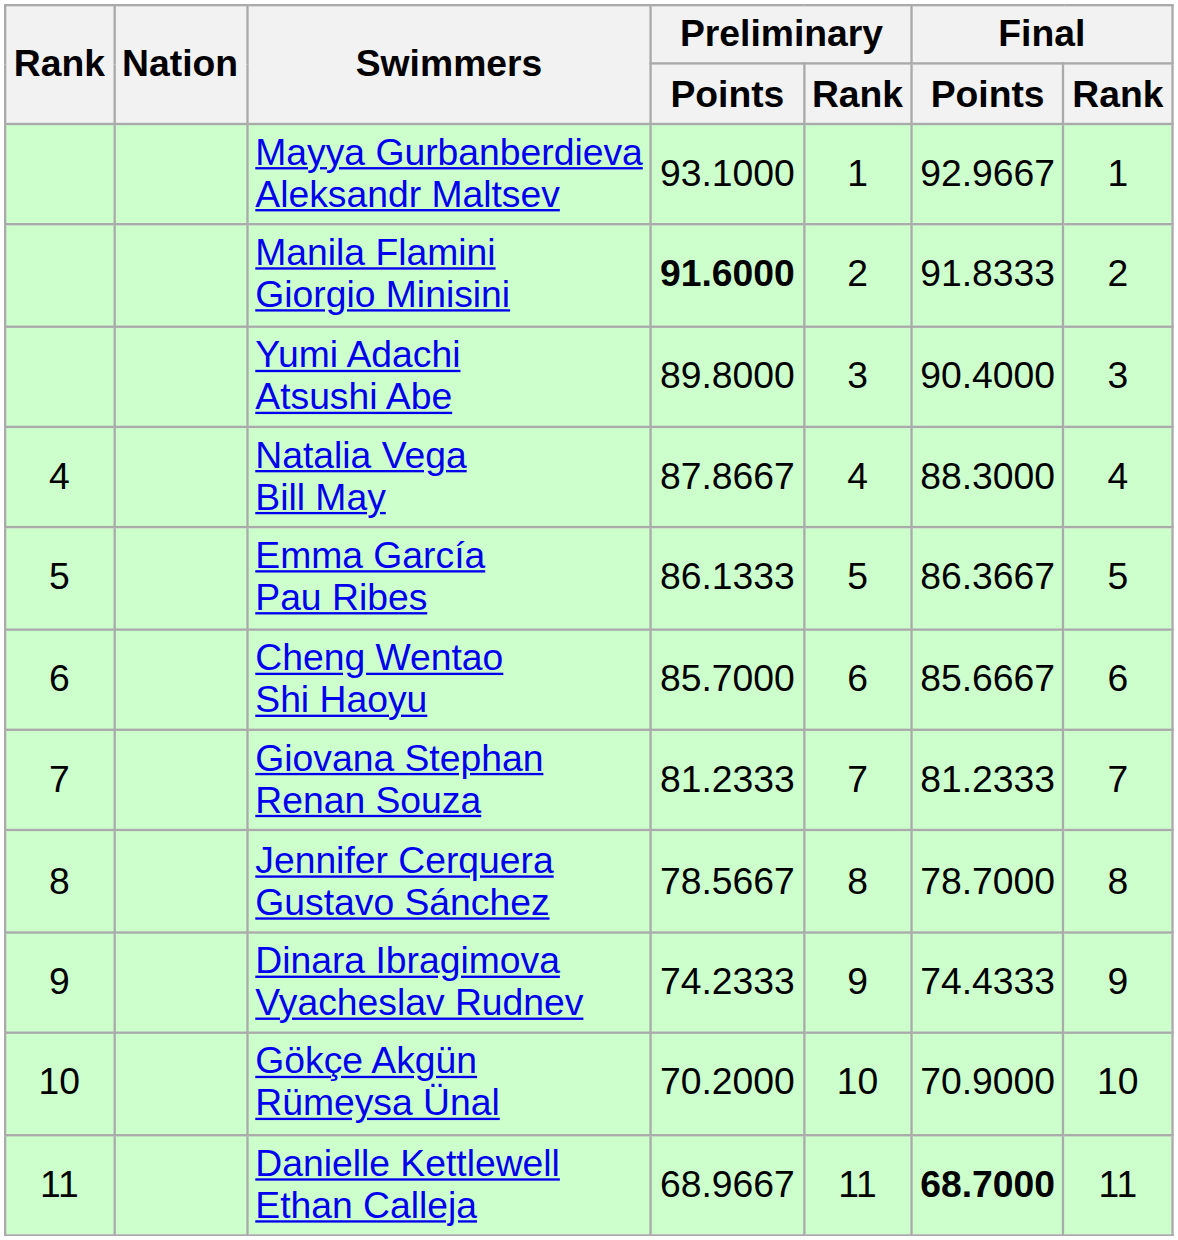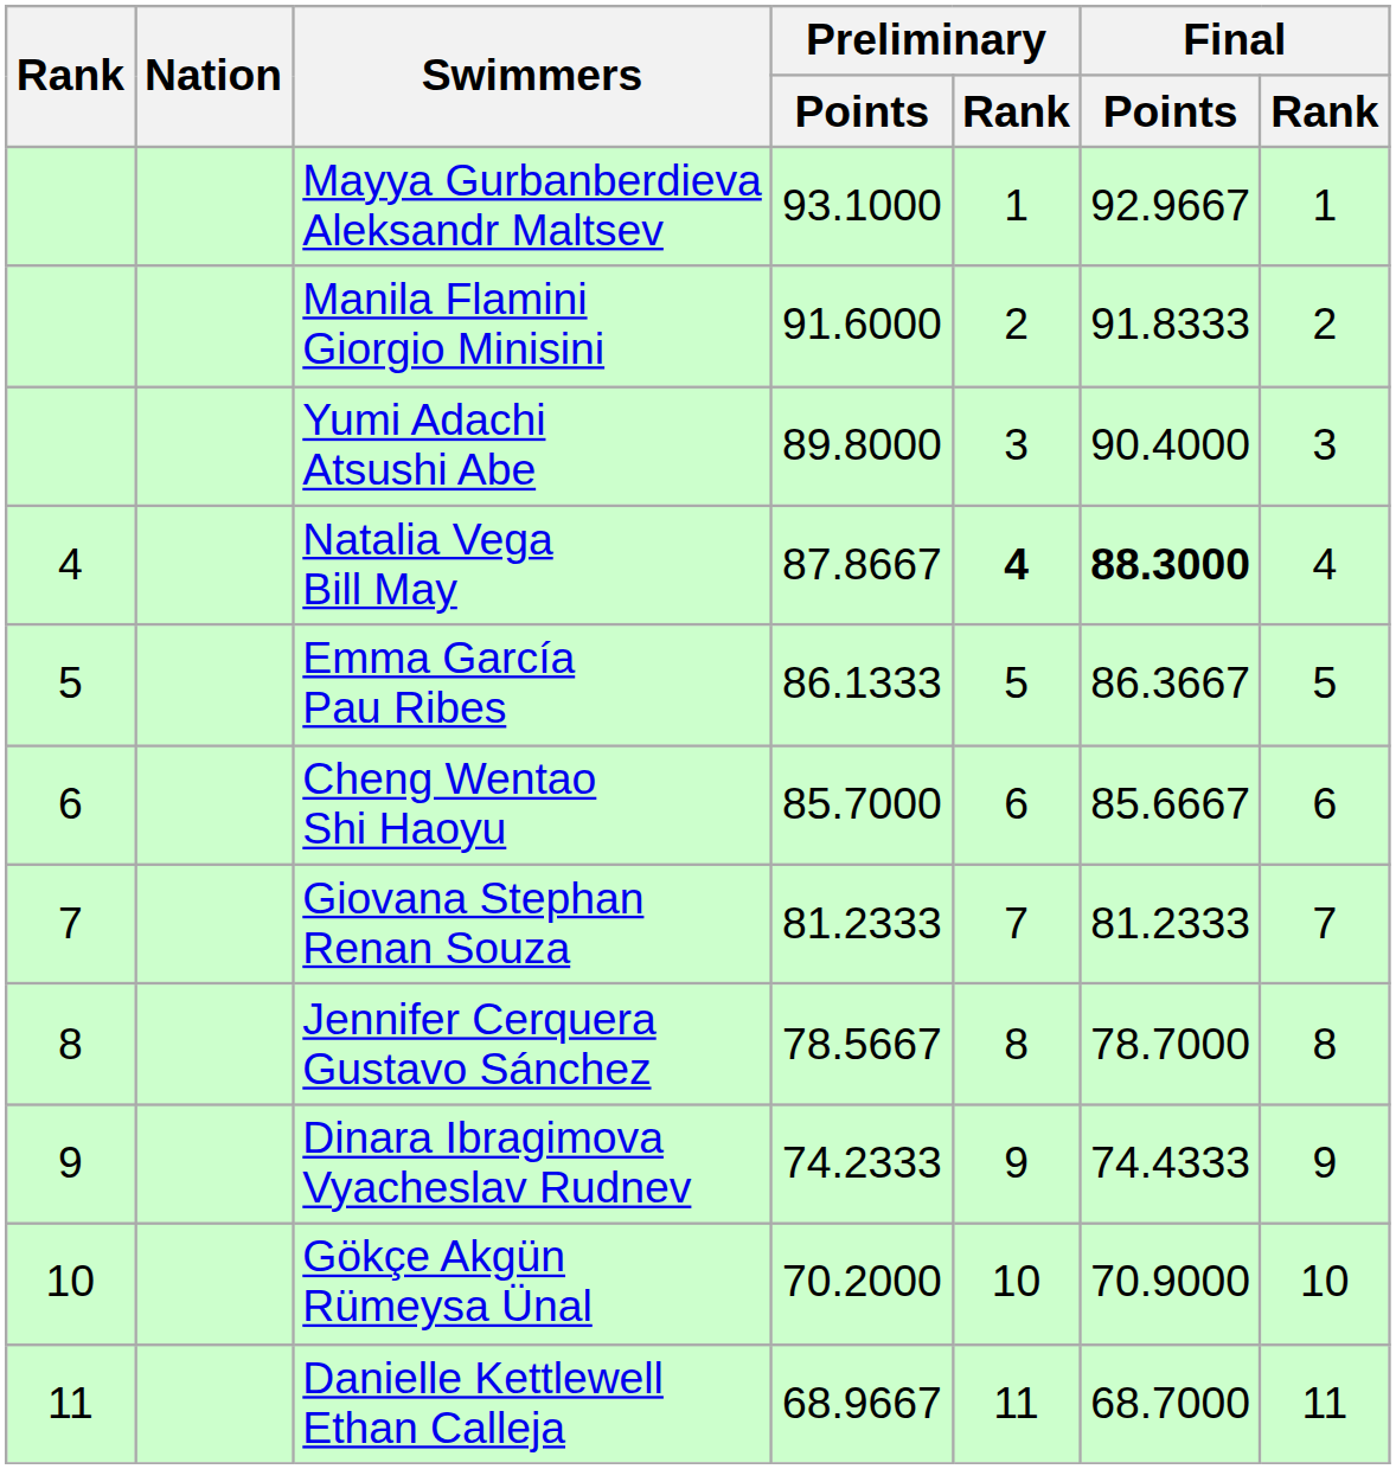 <table class="wikitable sortable" style="text-align:center">
 <tr>
 <th rowspan=2>Rank</th>
 <th rowspan=2>Nation</th>
 <th rowspan=2>Swimmers</th>
 <th colspan=2>Preliminary</th>
 <th colspan=2>Final</th>
 </tr>
 <tr>
 <th>Points</th>
 <th>Rank</th>
 <th>Points</th>
 <th>Rank</th>
 </tr>
 <tr bgcolor=ccffcc>
 <td></td>
 <td align=left></td>
 <td align=left><a href='#'>Mayya Gurbanberdieva</a><br><a href='#'>Aleksandr Maltsev</a></td>
 <td>93.1000</td>
 <td>1</td>
 <td>92.9667</td>
 <td>1</td>
 </tr>
 <tr bgcolor=ccffcc>
 <td></td>
 <td align=left></td>
 <td align=left><a href='#'>Manila Flamini</a><br><a href='#'>Giorgio Minisini</a></td>
-<td><strong>91.6000</strong></td>
+<td>91.6000</td>
 <td>2</td>
 <td>91.8333</td>
 <td>2</td>
 </tr>
 <tr bgcolor=ccffcc>
 <td></td>
 <td align=left></td>
 <td align=left><a href='#'>Yumi Adachi</a><br><a href='#'>Atsushi Abe</a></td>
 <td>89.8000</td>
 <td>3</td>
 <td>90.4000</td>
 <td>3</td>
 </tr>
 <tr bgcolor=ccffcc>
 <td>4</td>
 <td align=left></td>
 <td align=left><a href='#'>Natalia Vega</a><br><a href='#'>Bill May</a></td>
 <td>87.8667</td>
-<td>4</td>
-<td>88.3000</td>
+<td><strong>4</strong></td>
+<td><strong>88.3000</strong></td>
 <td>4</td>
 </tr>
 <tr bgcolor=ccffcc>
 <td>5</td>
 <td align=left></td>
 <td align=left><a href='#'>Emma García</a><br><a href='#'>Pau Ribes</a></td>
 <td>86.1333</td>
 <td>5</td>
 <td>86.3667</td>
 <td>5</td>
 </tr>
 <tr bgcolor=ccffcc>
 <td>6</td>
 <td align=left></td>
 <td align=left><a href='#'>Cheng Wentao</a><br><a href='#'>Shi Haoyu</a></td>
 <td>85.7000</td>
 <td>6</td>
 <td>85.6667</td>
 <td>6</td>
 </tr>
 <tr bgcolor=ccffcc>
 <td>7</td>
 <td align=left></td>
 <td align=left><a href='#'>Giovana Stephan</a><br><a href='#'>Renan Souza</a></td>
 <td>81.2333</td>
 <td>7</td>
 <td>81.2333</td>
 <td>7</td>
 </tr>
 <tr bgcolor=ccffcc>
 <td>8</td>
 <td align=left></td>
 <td align=left><a href='#'>Jennifer Cerquera</a><br><a href='#'>Gustavo Sánchez</a></td>
 <td>78.5667</td>
 <td>8</td>
 <td>78.7000</td>
 <td>8</td>
 </tr>
 <tr bgcolor=ccffcc>
 <td>9</td>
 <td align=left></td>
 <td align=left><a href='#'>Dinara Ibragimova</a><br><a href='#'>Vyacheslav Rudnev</a></td>
 <td>74.2333</td>
 <td>9</td>
 <td>74.4333</td>
 <td>9</td>
 </tr>
 <tr bgcolor=ccffcc>
 <td>10</td>
 <td align=left></td>
 <td align=left><a href='#'>Gökçe Akgün</a><br><a href='#'>Rümeysa Ünal</a></td>
 <td>70.2000</td>
 <td>10</td>
 <td>70.9000</td>
 <td>10</td>
 </tr>
 <tr bgcolor=ccffcc>
 <td>11</td>
 <td align=left></td>
 <td align=left><a href='#'>Danielle Kettlewell</a><br><a href='#'>Ethan Calleja</a></td>
 <td>68.9667</td>
 <td>11</td>
-<td><strong>68.7000</strong></td>
+<td>68.7000</td>
 <td>11</td>
 </tr>
 </table>
